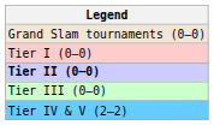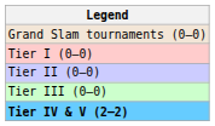 <table class="wikitable sortable">
 <tr>
 <th>Legend</th>
 </tr>
 <tr>
 <td align=center colspan=2 style="background:#f3e6d7;">Grand Slam tournaments (0–0)</td>
 </tr>
 <tr>
 <td bgcolor=#ffcccc>Tier I (0–0)</td>
 </tr>
 <tr>
-<td bgcolor=#ccccff><strong>Tier II (0–0)</strong></td>
+<td bgcolor=#ccccff>Tier II (0–0)</td>
 </tr>
 <tr>
 <td bgcolor=#CCFFCC>Tier III (0–0)</td>
 </tr>
 <tr>
-<td bgcolor=#66CCFF>Tier IV & V (2–2)</td>
+<td bgcolor=#66CCFF><strong>Tier IV & V (2–2)</strong></td>
 </tr>
 </table>
